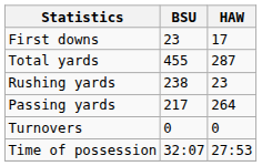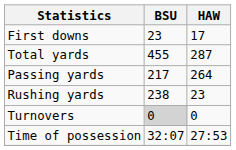 <table class="wikitable" style="float: left;">
 <tr>
 <th>Statistics</th>
 <th>BSU</th>
 <th>HAW</th>
 </tr>
 <tr>
 <td>First downs</td>
 <td>23</td>
 <td>17</td>
 </tr>
 <tr>
 <td>Total yards</td>
 <td>455</td>
 <td>287</td>
 </tr>
 <tr>
+<td>Passing yards</td>
+<td>217</td>
+<td>264</td>
+</tr>
+<tr>
 <td>Rushing yards</td>
 <td>238</td>
 <td>23</td>
 </tr>
 <tr>
-<td>Passing yards</td>
-<td>217</td>
-<td>264</td>
-</tr>
-<tr>
 <td>Turnovers</td>
-<td>0</td>
+<td style="background: lightgrey;">0</td>
 <td>0</td>
 </tr>
 <tr>
 <td>Time of possession</td>
 <td>32:07</td>
 <td>27:53</td>
 </tr>
 <tr>
 </tr>
 </table>
